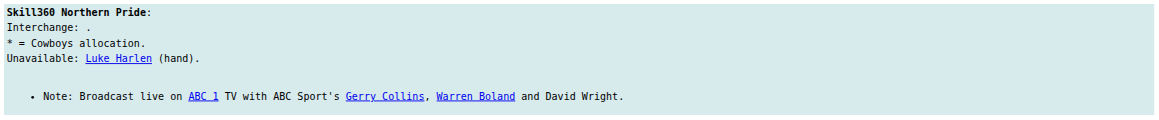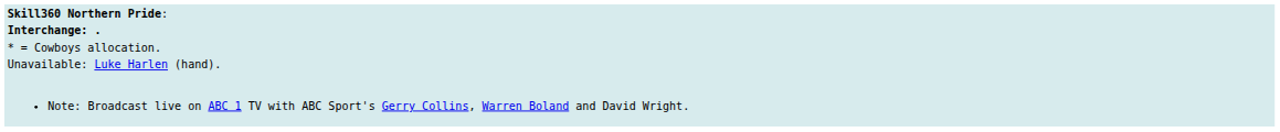 <table style="background:#d7ebed; font-size:85%; width:100%;">
 <tr>
 <td><strong>Skill360 Northern Pride</strong>:             </td>
 </tr>
 <tr>
-<td>Interchange:     .</td>
+<td><strong>Interchange:     .</strong></td>
 </tr>
 <tr>
 <td>* = Cowboys allocation.</td>
 </tr>
 <tr>
 <td>Unavailable: <a href='#'>Luke Harlen</a> (hand).</td>
 </tr>
 <tr>
 <td><br><ul><li>Note: Broadcast live on <a href='#'>ABC 1</a> TV with ABC Sport's <a href='#'>Gerry Collins</a>, <a href='#'>Warren Boland</a> and David Wright.</li></ul></td>
 </tr>
 </table>
